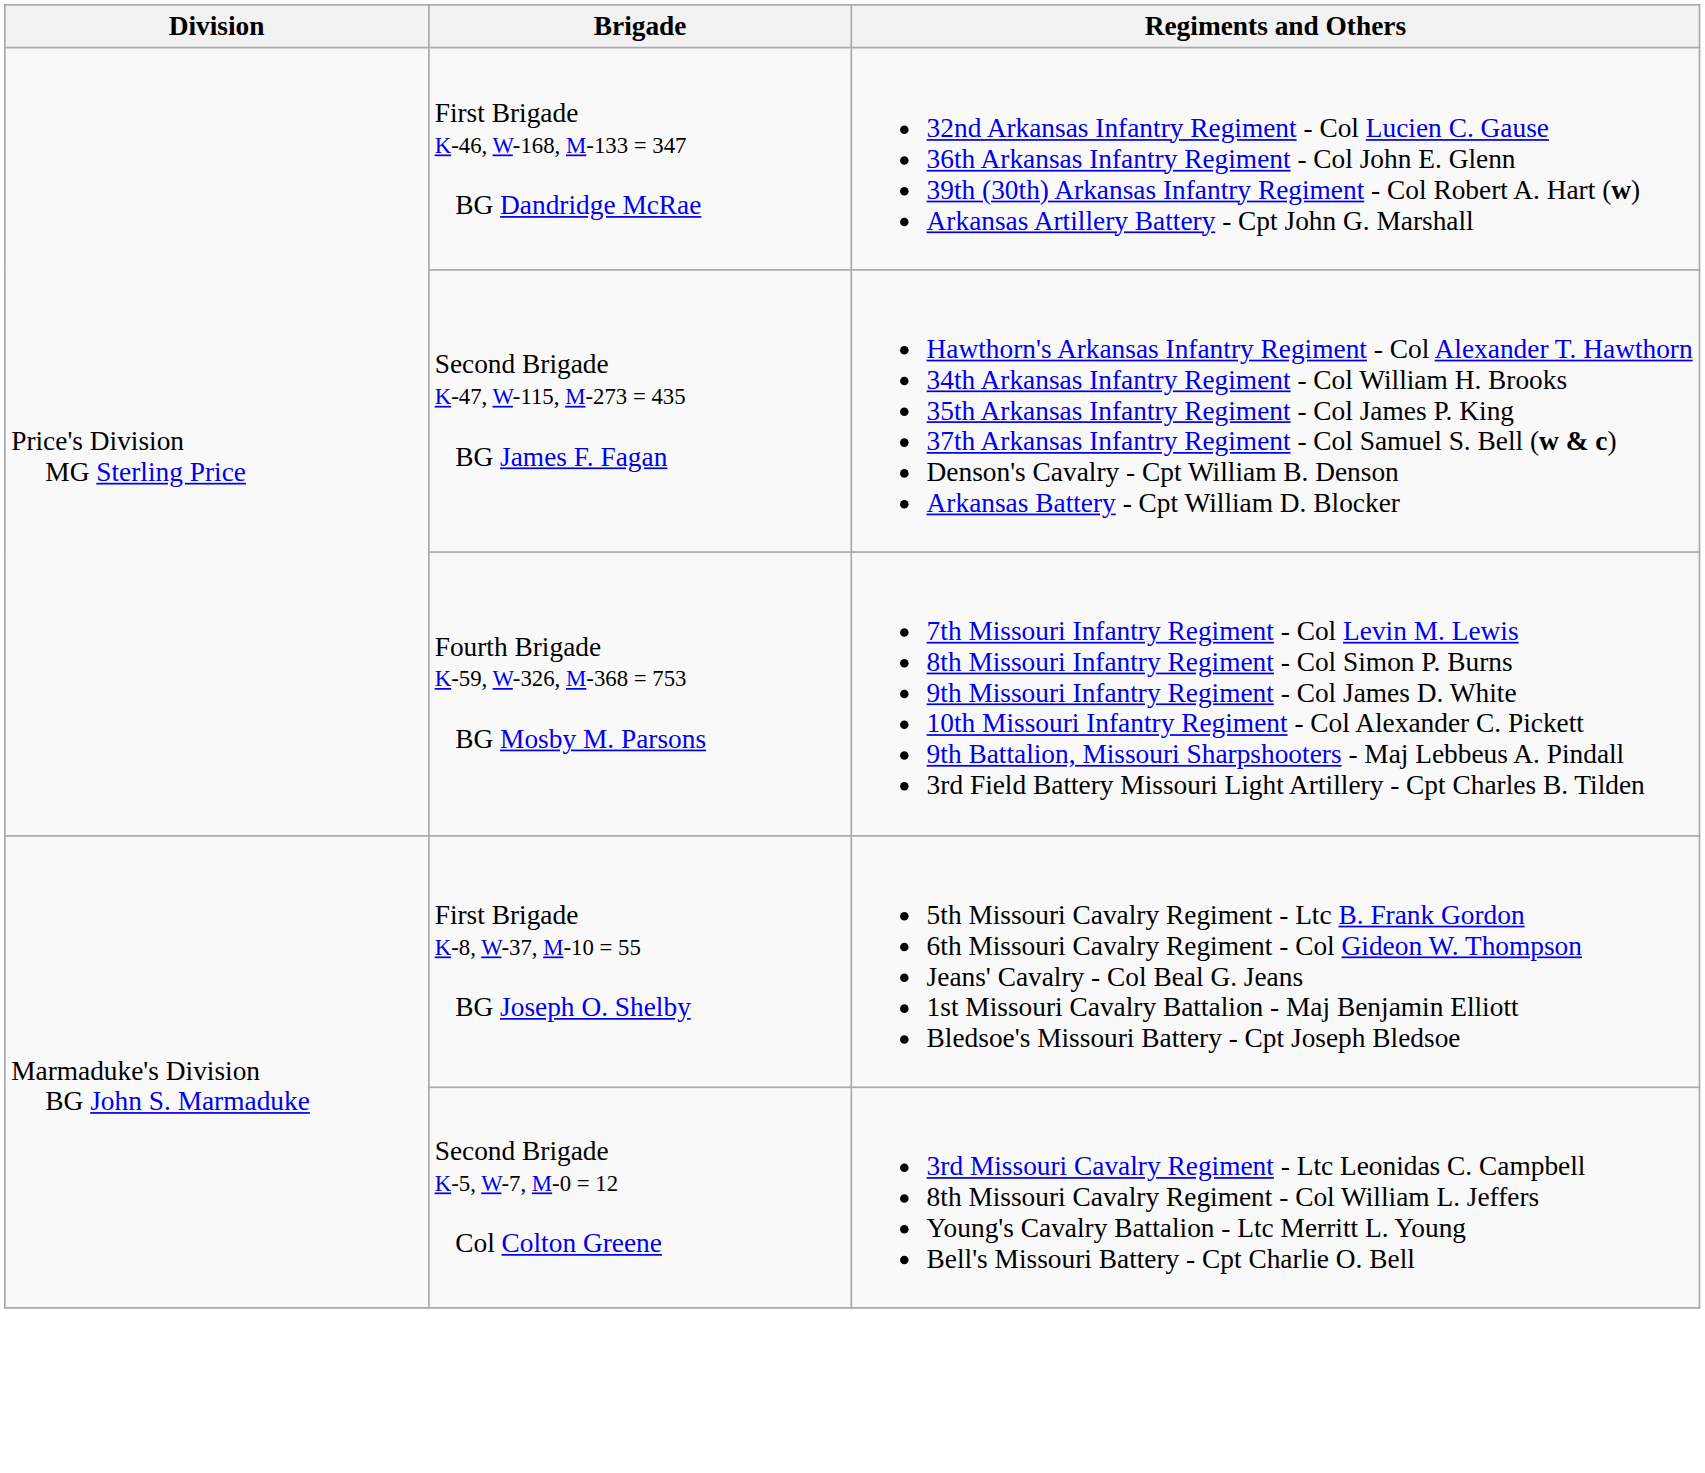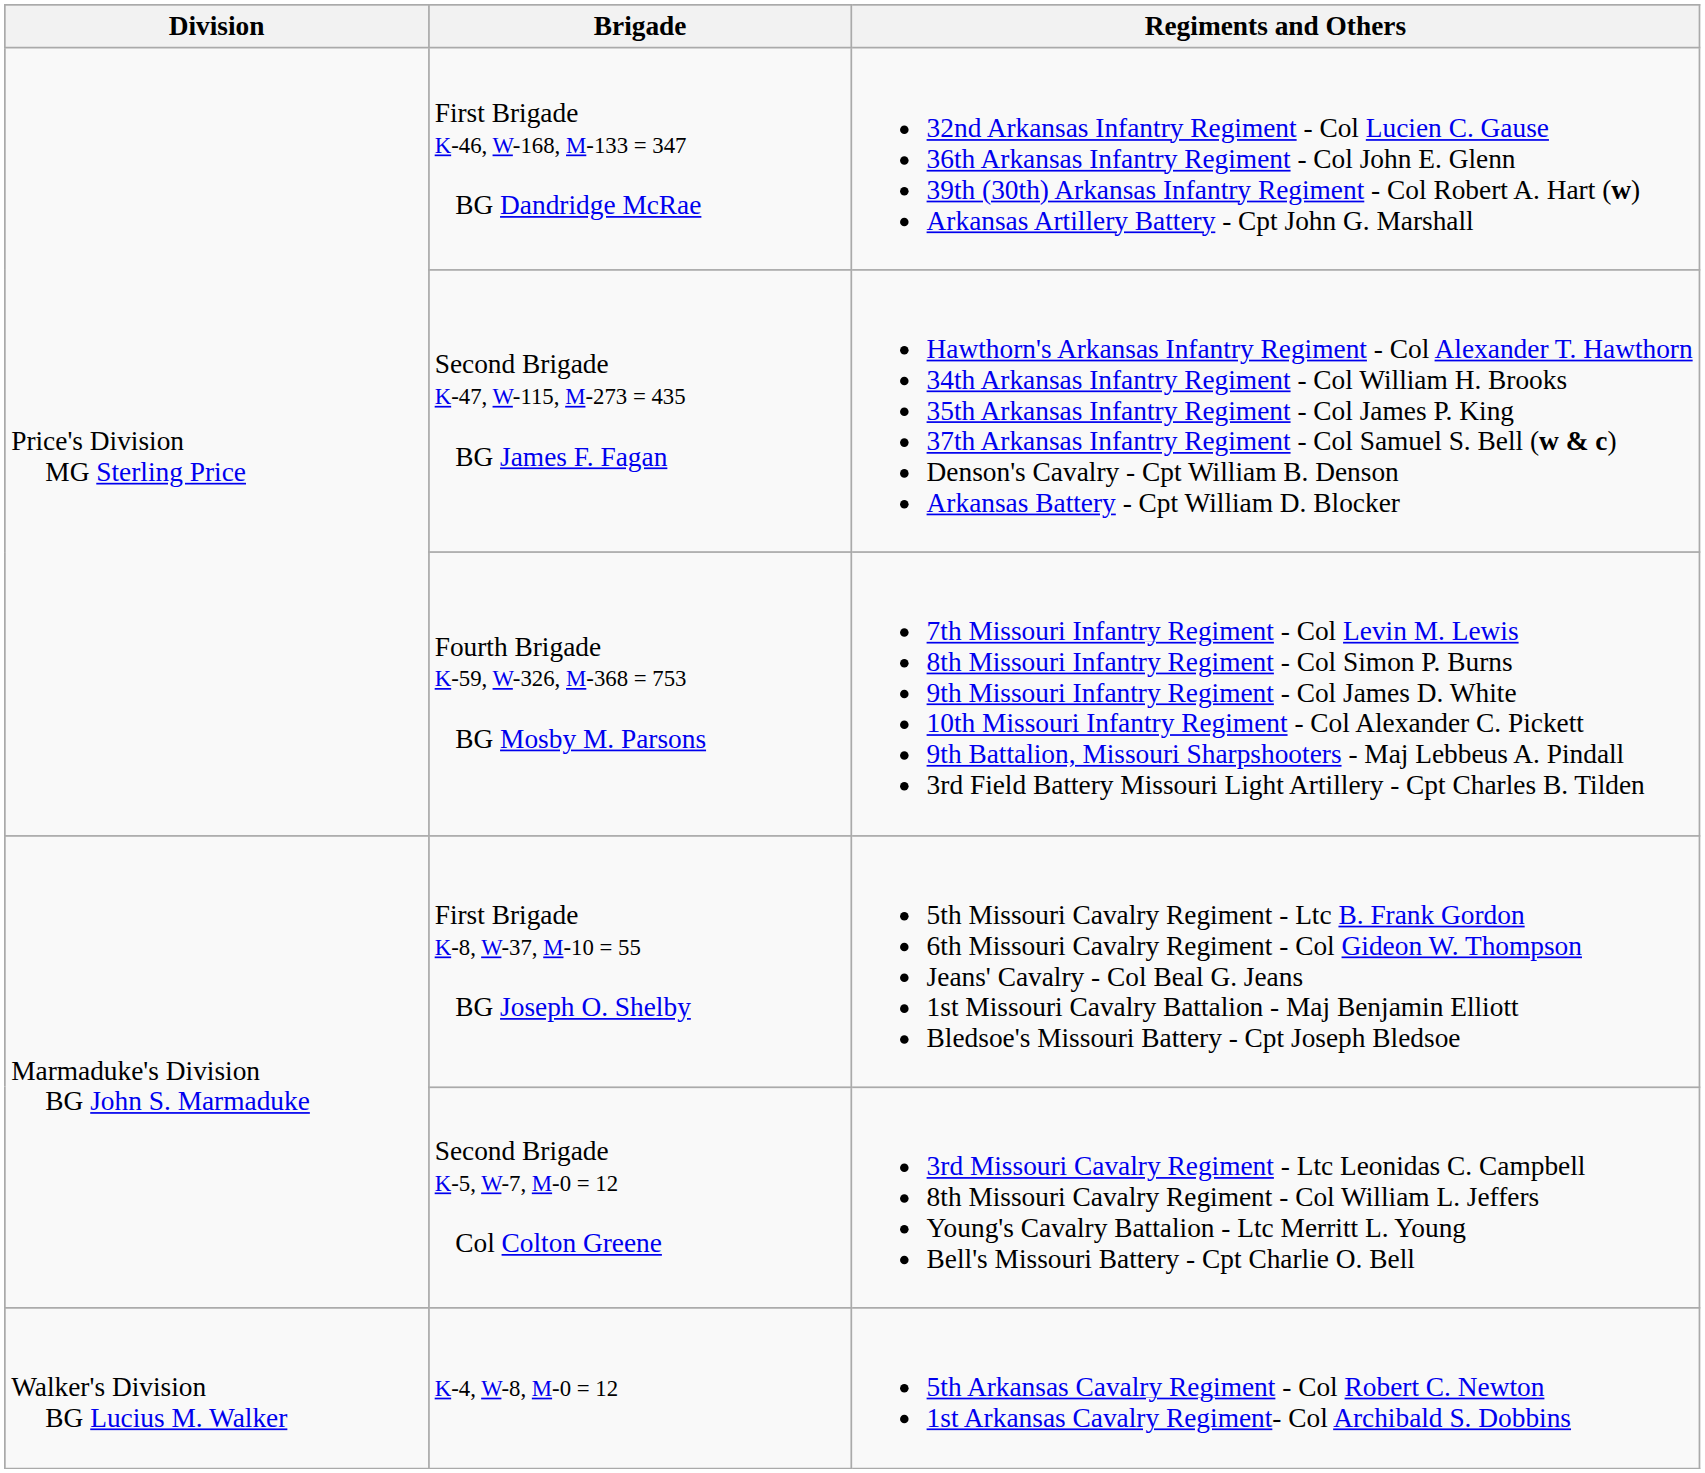 <table class="wikitable">
 <tr>
 <th width=25%>Division</th>
 <th width=25%>Brigade</th>
 <th>Regiments and Others</th>
 </tr>
 <tr>
 <td rowspan=3><br>Price's Division <br>     MG <a href='#'>Sterling Price</a></td>
 <td>First Brigade<br><small><a href='#'>K</a>-46, <a href='#'>W</a>-168, <a href='#'>M</a>-133 = 347</small><br><br>   BG <a href='#'>Dandridge McRae</a></td>
 <td><br><ul><li><a href='#'>32nd Arkansas Infantry Regiment</a> - Col <a href='#'>Lucien C. Gause</a></li><li><a href='#'>36th Arkansas Infantry Regiment</a> - Col John E. Glenn</li><li><a href='#'>39th (30th) Arkansas Infantry Regiment</a> - Col Robert A. Hart (<strong>w</strong>)</li><li><a href='#'>Arkansas Artillery Battery</a> - Cpt John G. Marshall</li></ul></td>
 </tr>
 <tr>
 <td>Second Brigade<br><small><a href='#'>K</a>-47, <a href='#'>W</a>-115, <a href='#'>M</a>-273 = 435</small><br><br>   BG <a href='#'>James F. Fagan</a></td>
 <td><br><ul><li><a href='#'>Hawthorn's Arkansas Infantry Regiment</a> - Col <a href='#'>Alexander T. Hawthorn</a></li><li><a href='#'>34th Arkansas Infantry Regiment</a> - Col William H. Brooks</li><li><a href='#'>35th Arkansas Infantry Regiment</a> - Col James P. King</li><li><a href='#'>37th Arkansas Infantry Regiment</a> - Col Samuel S. Bell (<strong>w & c</strong>)</li><li>Denson's Cavalry - Cpt William B. Denson</li><li><a href='#'>Arkansas Battery</a> - Cpt William D. Blocker</li></ul></td>
 </tr>
 <tr>
 <td>Fourth Brigade<br><small><a href='#'>K</a>-59, <a href='#'>W</a>-326, <a href='#'>M</a>-368 = 753</small><br><br>   BG <a href='#'>Mosby M. Parsons</a></td>
 <td><br><ul><li><a href='#'>7th Missouri Infantry Regiment</a> - Col <a href='#'>Levin M. Lewis</a></li><li><a href='#'>8th Missouri Infantry Regiment</a> - Col Simon P. Burns</li><li><a href='#'>9th Missouri Infantry Regiment</a> - Col James D. White</li><li><a href='#'>10th Missouri Infantry Regiment</a> - Col Alexander C. Pickett</li><li><a href='#'>9th Battalion, Missouri Sharpshooters</a> - Maj Lebbeus A. Pindall</li><li>3rd Field Battery Missouri Light Artillery - Cpt Charles B. Tilden</li></ul></td>
 </tr>
 <tr>
 <td rowspan=2><br>Marmaduke's Division <br>     BG <a href='#'>John S. Marmaduke</a></td>
 <td>First Brigade<br><small><a href='#'>K</a>-8, <a href='#'>W</a>-37, <a href='#'>M</a>-10 = 55</small><br><br>   BG <a href='#'>Joseph O. Shelby</a></td>
 <td><br><ul><li>5th Missouri Cavalry Regiment - Ltc <a href='#'>B. Frank Gordon</a></li><li>6th Missouri Cavalry Regiment - Col <a href='#'>Gideon W. Thompson</a></li><li>Jeans' Cavalry - Col Beal G. Jeans</li><li>1st Missouri Cavalry Battalion - Maj Benjamin Elliott</li><li>Bledsoe's Missouri Battery - Cpt Joseph Bledsoe</li></ul></td>
 </tr>
 <tr>
 <td>Second Brigade<br><small><a href='#'>K</a>-5, <a href='#'>W</a>-7, <a href='#'>M</a>-0 = 12</small><br><br>   Col <a href='#'>Colton Greene</a></td>
 <td><br><ul><li><a href='#'>3rd Missouri Cavalry Regiment</a> - Ltc Leonidas C. Campbell</li><li>8th Missouri Cavalry Regiment - Col William L. Jeffers</li><li>Young's Cavalry Battalion - Ltc Merritt L. Young</li><li>Bell's Missouri Battery - Cpt Charlie O. Bell</li></ul></td>
 </tr>
+<tr>
+<td rowspan=1><br>Walker's Division <br>     BG <a href='#'>Lucius M. Walker</a></td>
+<td><small><a href='#'>K</a>-4, <a href='#'>W</a>-8, <a href='#'>M</a>-0 = 12</small></td>
+<td><br><ul><li><a href='#'>5th Arkansas Cavalry Regiment</a> - Col <a href='#'>Robert C. Newton</a></li><li><a href='#'>1st Arkansas Cavalry Regiment</a>- Col <a href='#'>Archibald S. Dobbins</a></li></ul></td>
+</tr>
 </table>
